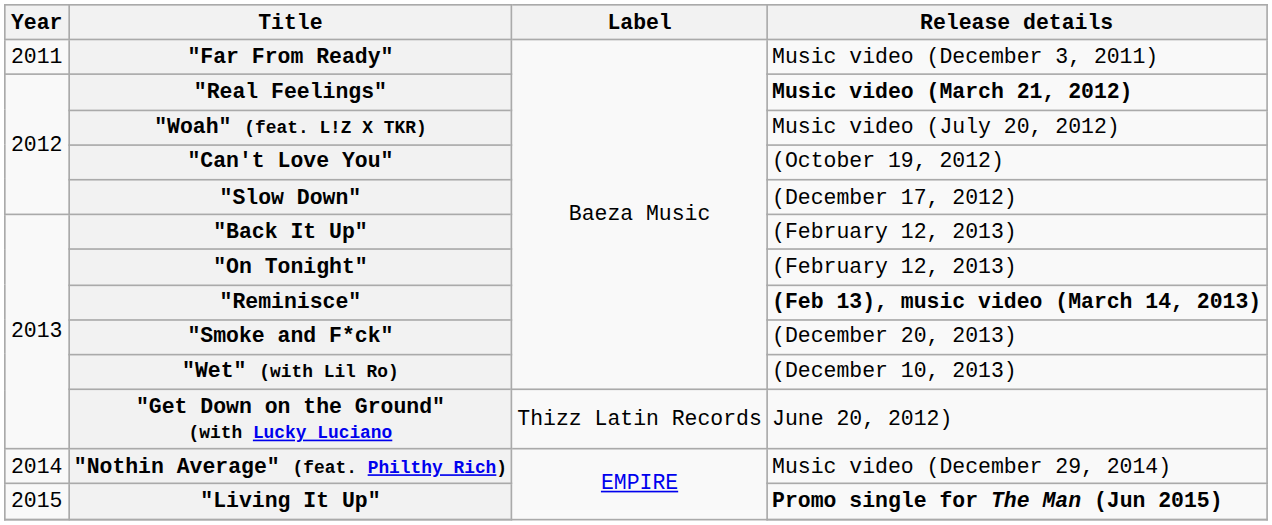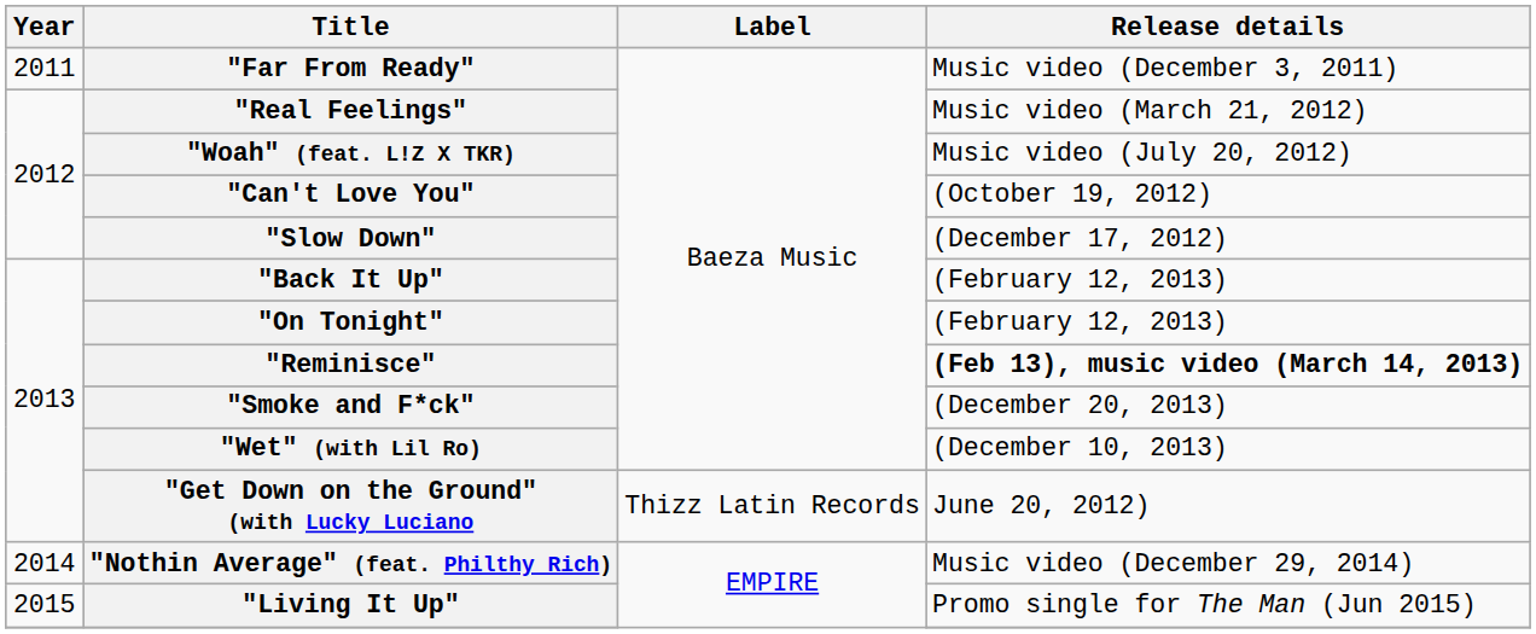 <table class="wikitable plainrowheaders" style="text-align:center;">
 <tr>
 <th scope="col" rowspan="1" style="width:2.5em;">Year</th>
 <th scope="col" rowspan="1">Title</th>
 <th scope="col" rowspan="1">Label</th>
 <th scope="col" rowspan="1">Release details</th>
 </tr>
 <tr>
 <td rowspan="1">2011</td>
 <th scope="row">"Far From Ready"</th>
 <td rowspan="10">Baeza Music</td>
 <td align=left>Music video (December 3, 2011)</td>
 </tr>
 <tr>
 <td rowspan="4">2012</td>
 <th scope="row">"Real Feelings"</th>
-<td align=left><strong>Music video (March 21, 2012)</strong></td>
+<td align=left>Music video (March 21, 2012)</td>
 </tr>
 <tr>
 <th scope="row">"Woah" <small>(feat. L!Z X TKR)</small></th>
 <td align=left>Music video (July 20, 2012)</td>
 </tr>
 <tr>
 <th scope="row">"Can't Love You"</th>
 <td align=left>(October 19, 2012)</td>
 </tr>
 <tr>
 <th scope="row">"Slow Down"</th>
 <td align=left>(December 17, 2012)</td>
 </tr>
 <tr>
 <td rowspan="6">2013</td>
 <th scope="row">"Back It Up"</th>
 <td align=left>(February 12, 2013)</td>
 </tr>
 <tr>
 <th scope="row">"On Tonight"</th>
 <td align=left>(February 12, 2013)</td>
 </tr>
 <tr>
 <th scope="row">"Reminisce"</th>
 <td align=left><strong>(Feb 13), music video (March 14, 2013)</strong></td>
 </tr>
 <tr>
 <th scope="row">"Smoke and F*ck"</th>
 <td align=left>(December 20, 2013)</td>
 </tr>
 <tr>
 <th scope="row">"Wet" <small>(with Lil Ro)</small></th>
 <td align=left>(December 10, 2013)</td>
 </tr>
 <tr>
 <th scope="row">"Get Down on the Ground"<br><small>(with <a href='#'>Lucky Luciano</a></small></th>
 <td>Thizz Latin Records</td>
 <td align=left>June 20, 2012)</td>
 </tr>
 <tr>
 <td rowspan="1">2014</td>
 <th scope="row">"Nothin Average" <small>(feat. <a href='#'>Philthy Rich</a>)</small></th>
 <td rowspan="3"><a href='#'>EMPIRE</a></td>
 <td align=left>Music video (December 29, 2014)</td>
 </tr>
 <tr>
 <td rowspan="1">2015</td>
 <th scope="row">"Living It Up"</th>
-<td align=left><strong>Promo single for <em>The Man</em> (Jun 2015)</strong></td>
+<td align=left>Promo single for <em>The Man</em> (Jun 2015)</td>
 </tr>
 <tr>
 </tr>
 </table>
